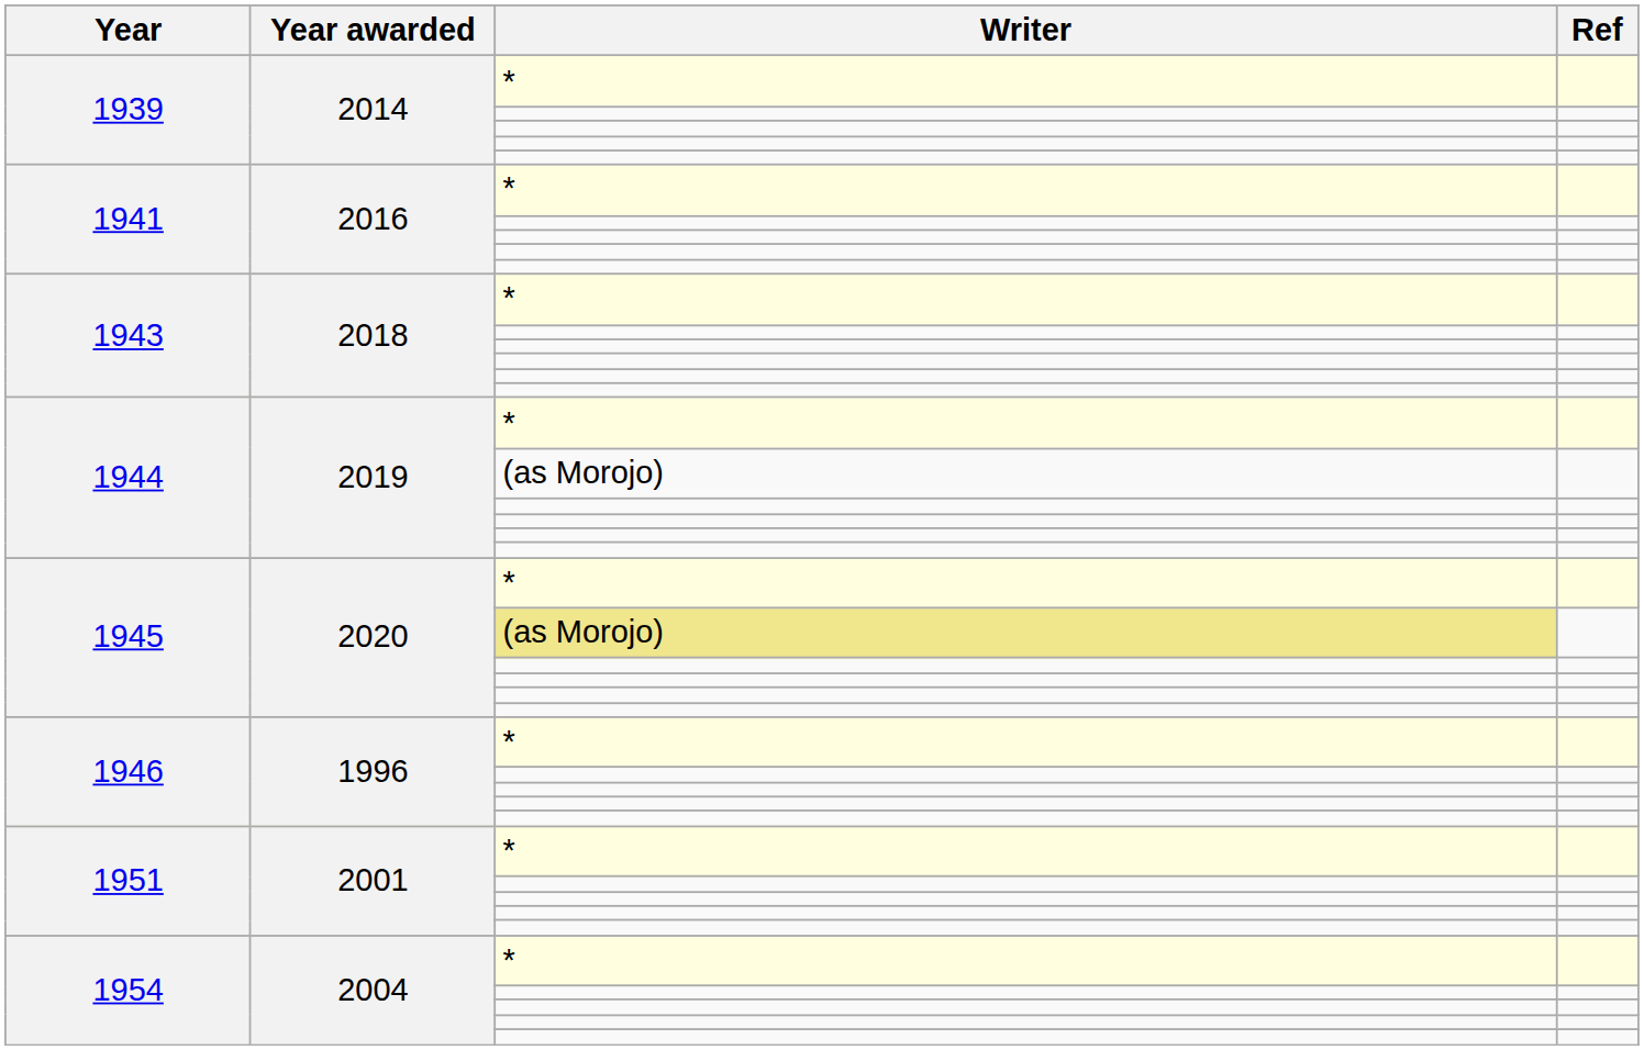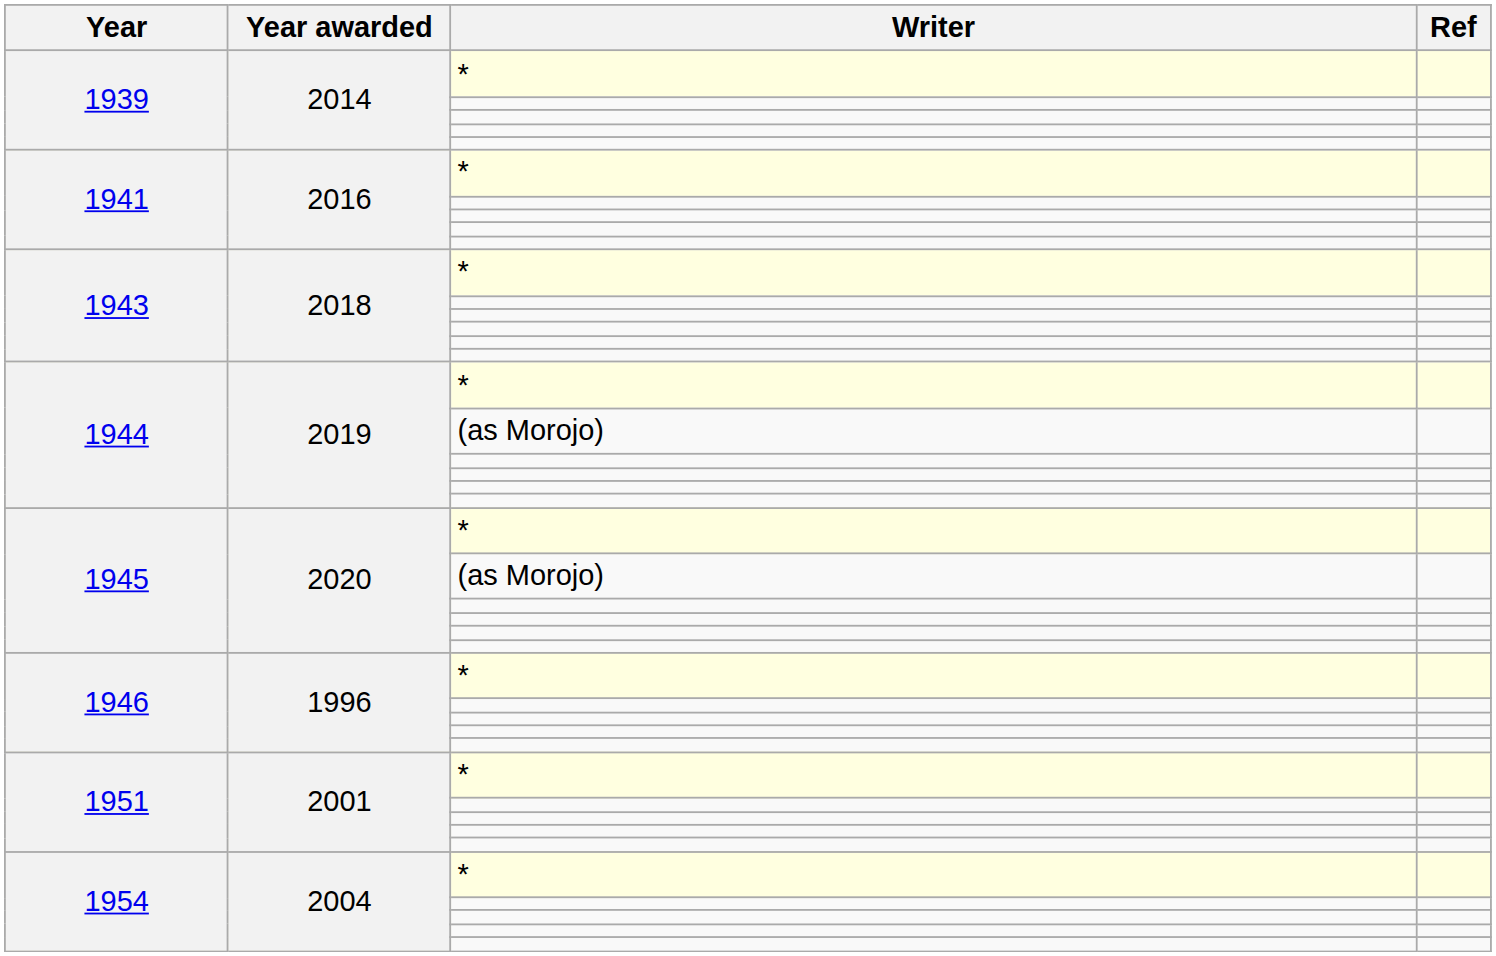 <table class="sortable wikitable" width="65%" cellpadding="5" style="margin: 1em auto 1em auto">
 <tr>
 <th width="15%" scope="col">Year</th>
 <th width="15%" scope="col">Year awarded</th>
 <th width="65%" scope="col">Writer</th>
 <th width="5%" scope="col" class="unsortable">Ref</th>
 </tr>
 <tr style="background:lightyellow;">
 <th scope="rowgroup" align="center" rowspan="5" style="font-weight:normal;"><a href='#'>1939</a></th>
 <th align="center" rowspan="5" style="font-weight:normal;">2014</th>
 <td>*</td>
 <td align="center"></td>
 </tr>
 <tr>
 <td></td>
 <td align="center"></td>
 </tr>
 <tr>
 <td></td>
 <td align="center"></td>
 </tr>
 <tr>
 <td></td>
 <td align="center"></td>
 </tr>
 <tr>
 <td></td>
 <td align="center"></td>
 </tr>
 <tr style="background:lightyellow;">
 <th scope="rowgroup" align="center" rowspan="5" style="font-weight:normal;"><a href='#'>1941</a></th>
 <th align="center" rowspan="5" style="font-weight:normal;">2016</th>
 <td>*</td>
 <td align="center"></td>
 </tr>
 <tr>
 <td></td>
 <td align="center"></td>
 </tr>
 <tr>
 <td></td>
 <td align="center"></td>
 </tr>
 <tr>
 <td></td>
 <td align="center"></td>
 </tr>
 <tr>
 <td></td>
 <td align="center"></td>
 </tr>
 <tr style="background:lightyellow;">
 <th scope="rowgroup" align="center" rowspan="6" style="font-weight:normal;"><a href='#'>1943</a></th>
 <th align="center" rowspan="6" style="font-weight:normal;">2018</th>
 <td>*</td>
 <td align="center"></td>
 </tr>
 <tr>
 <td></td>
 <td align="center"></td>
 </tr>
 <tr>
 <td></td>
 <td align="center"></td>
 </tr>
 <tr>
 <td></td>
 <td align="center"></td>
 </tr>
 <tr>
 <td></td>
 <td align="center"></td>
 </tr>
 <tr>
 <td></td>
 <td align="center"></td>
 </tr>
 <tr style="background:lightyellow;">
 <th scope="rowgroup" align="center" rowspan="6" style="font-weight:normal;"><a href='#'>1944</a></th>
 <th align="center" rowspan="6" style="font-weight:normal;">2019</th>
 <td>*</td>
 <td align="center"></td>
 </tr>
 <tr>
 <td> (as Morojo)</td>
 <td align="center"></td>
 </tr>
 <tr>
 <td></td>
 <td align="center"></td>
 </tr>
 <tr>
 <td></td>
 <td align="center"></td>
 </tr>
 <tr>
 <td></td>
 <td align="center"></td>
 </tr>
 <tr>
 <td></td>
 <td align="center"></td>
 </tr>
 <tr style="background:lightyellow;">
 <th scope="rowgroup" align="center" rowspan="6" style="font-weight:normal;"><a href='#'>1945</a></th>
 <th align="center" rowspan="6" style="font-weight:normal;">2020</th>
 <td>*</td>
 <td align="center"></td>
 </tr>
 <tr>
-<td style="background: khaki;"> (as Morojo)</td>
+<td> (as Morojo)</td>
 <td align="center"></td>
 </tr>
 <tr>
 <td></td>
 <td align="center"></td>
 </tr>
 <tr>
 <td></td>
 <td align="center"></td>
 </tr>
 <tr>
 <td></td>
 <td align="center"></td>
 </tr>
 <tr>
 <td></td>
 <td align="center"></td>
 </tr>
 <tr style="background:lightyellow;">
 <th scope="rowgroup" align="center" rowspan="5" style="font-weight:normal;"><a href='#'>1946</a></th>
 <th align="center" rowspan="5" style="font-weight:normal;">1996</th>
 <td>*</td>
 <td align="center"></td>
 </tr>
 <tr>
 <td></td>
 <td align="center"></td>
 </tr>
 <tr>
 <td></td>
 <td align="center"></td>
 </tr>
 <tr>
 <td></td>
 <td align="center"></td>
 </tr>
 <tr>
 <td></td>
 <td align="center"></td>
 </tr>
 <tr style="background:lightyellow;">
 <th scope="rowgroup" align="center" rowspan="5" style="font-weight:normal;"><a href='#'>1951</a></th>
 <th align="center" rowspan="5" style="font-weight:normal;">2001</th>
 <td>*</td>
 <td align="center"></td>
 </tr>
 <tr>
 <td></td>
 <td align="center"></td>
 </tr>
 <tr>
 <td></td>
 <td align="center"></td>
 </tr>
 <tr>
 <td></td>
 <td align="center"></td>
 </tr>
 <tr>
 <td></td>
 <td align="center"></td>
 </tr>
 <tr style="background:lightyellow;">
 <th scope="rowgroup" align="center" rowspan="5" style="font-weight:normal;"><a href='#'>1954</a></th>
 <th align="center" rowspan="5" style="font-weight:normal;">2004</th>
 <td>*</td>
 <td align="center"></td>
 </tr>
 <tr>
 <td></td>
 <td align="center"></td>
 </tr>
 <tr>
 <td></td>
 <td align="center"></td>
 </tr>
 <tr>
 <td></td>
 <td align="center"></td>
 </tr>
 <tr>
 <td></td>
 <td align="center"></td>
 </tr>
 </table>
